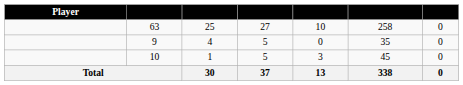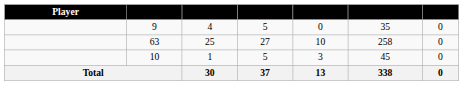 <table class="wikitable sortable" style="width:60%; text-align:center;">
 <tr>
 <th style="color:white; background:#000000; ">Player</th>
 <th style="color:white; background:#000000; "></th>
 <th style="color:white; background:#000000; "></th>
 <th style="color:white; background:#000000; "></th>
 <th style="color:white; background:#000000; "></th>
 <th style="color:white; background:#000000; "></th>
 <th style="color:white; background:#000000; "></th>
 </tr>
 <tr>
 <td></td>
+<td>9</td>
+<td>4</td>
+<td>5</td>
+<td>0</td>
+<td>35</td>
+<td>0</td>
+</tr>
+<tr>
+<td></td>
 <td>63</td>
 <td>25</td>
 <td>27</td>
 <td>10</td>
 <td>258</td>
-<td>0</td>
-</tr>
-<tr>
-<td></td>
-<td>9</td>
-<td>4</td>
-<td>5</td>
-<td>0</td>
-<td>35</td>
 <td>0</td>
 </tr>
 <tr>
 <td></td>
 <td>10</td>
 <td>1</td>
 <td>5</td>
 <td>3</td>
 <td>45</td>
 <td>0</td>
 </tr>
 <tr class="sortbottom">
 <th colspan=2>Total</th>
 <th>30</th>
 <th>37</th>
 <th>13</th>
 <th>338</th>
 <th>0</th>
 </tr>
 </table>
